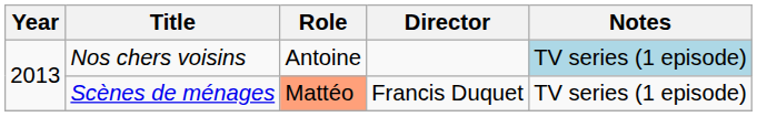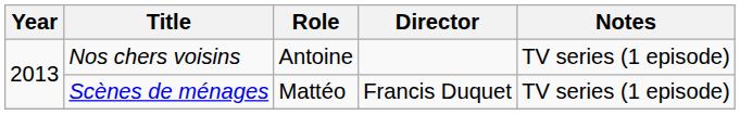 <table class="wikitable sortable">
 <tr>
 <th>Year</th>
 <th>Title</th>
 <th>Role</th>
 <th>Director</th>
 <th class="unsortable">Notes</th>
 </tr>
 <tr>
 <td rowspan=2>2013</td>
 <td><em>Nos chers voisins</em></td>
 <td>Antoine</td>
 <td></td>
-<td style="background: lightblue;">TV series (1 episode)</td>
+<td>TV series (1 episode)</td>
 </tr>
 <tr>
 <td><em><a href='#'>Scènes de ménages</a></em></td>
-<td style="background: lightsalmon;">Mattéo</td>
+<td>Mattéo</td>
 <td>Francis Duquet</td>
 <td>TV series (1 episode)</td>
 </tr>
 <tr>
 </tr>
 </table>
